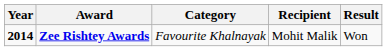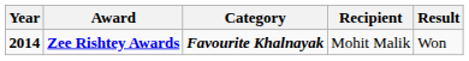 <table class="wikitable">
 <tr>
 <th>Year</th>
 <th>Award</th>
 <th>Category</th>
 <th>Recipient</th>
 <th>Result</th>
 </tr>
 <tr>
 <td rowspan="11"><strong>2014</strong></td>
 <td rowspan="4"><strong><a href='#'>Zee Rishtey Awards</a></strong></td>
-<td><em>Favourite Khalnayak</em></td>
+<td><strong><em>Favourite Khalnayak</em></strong></td>
 <td rowspan="11">Mohit Malik</td>
 <td>Won</td>
 </tr>
 </table>
